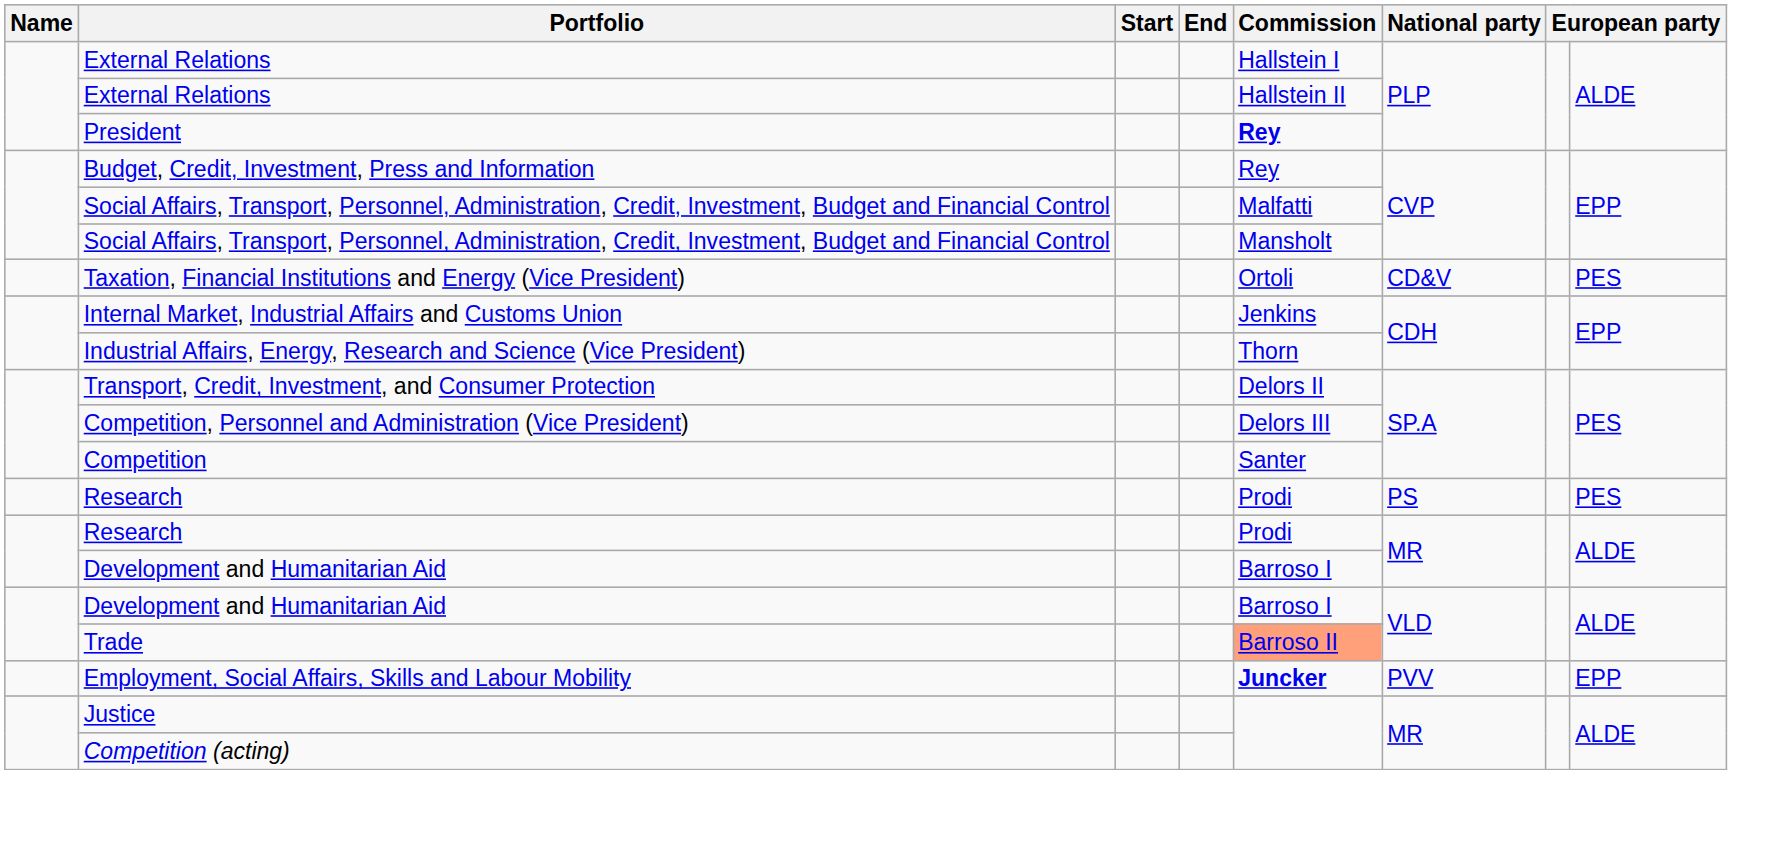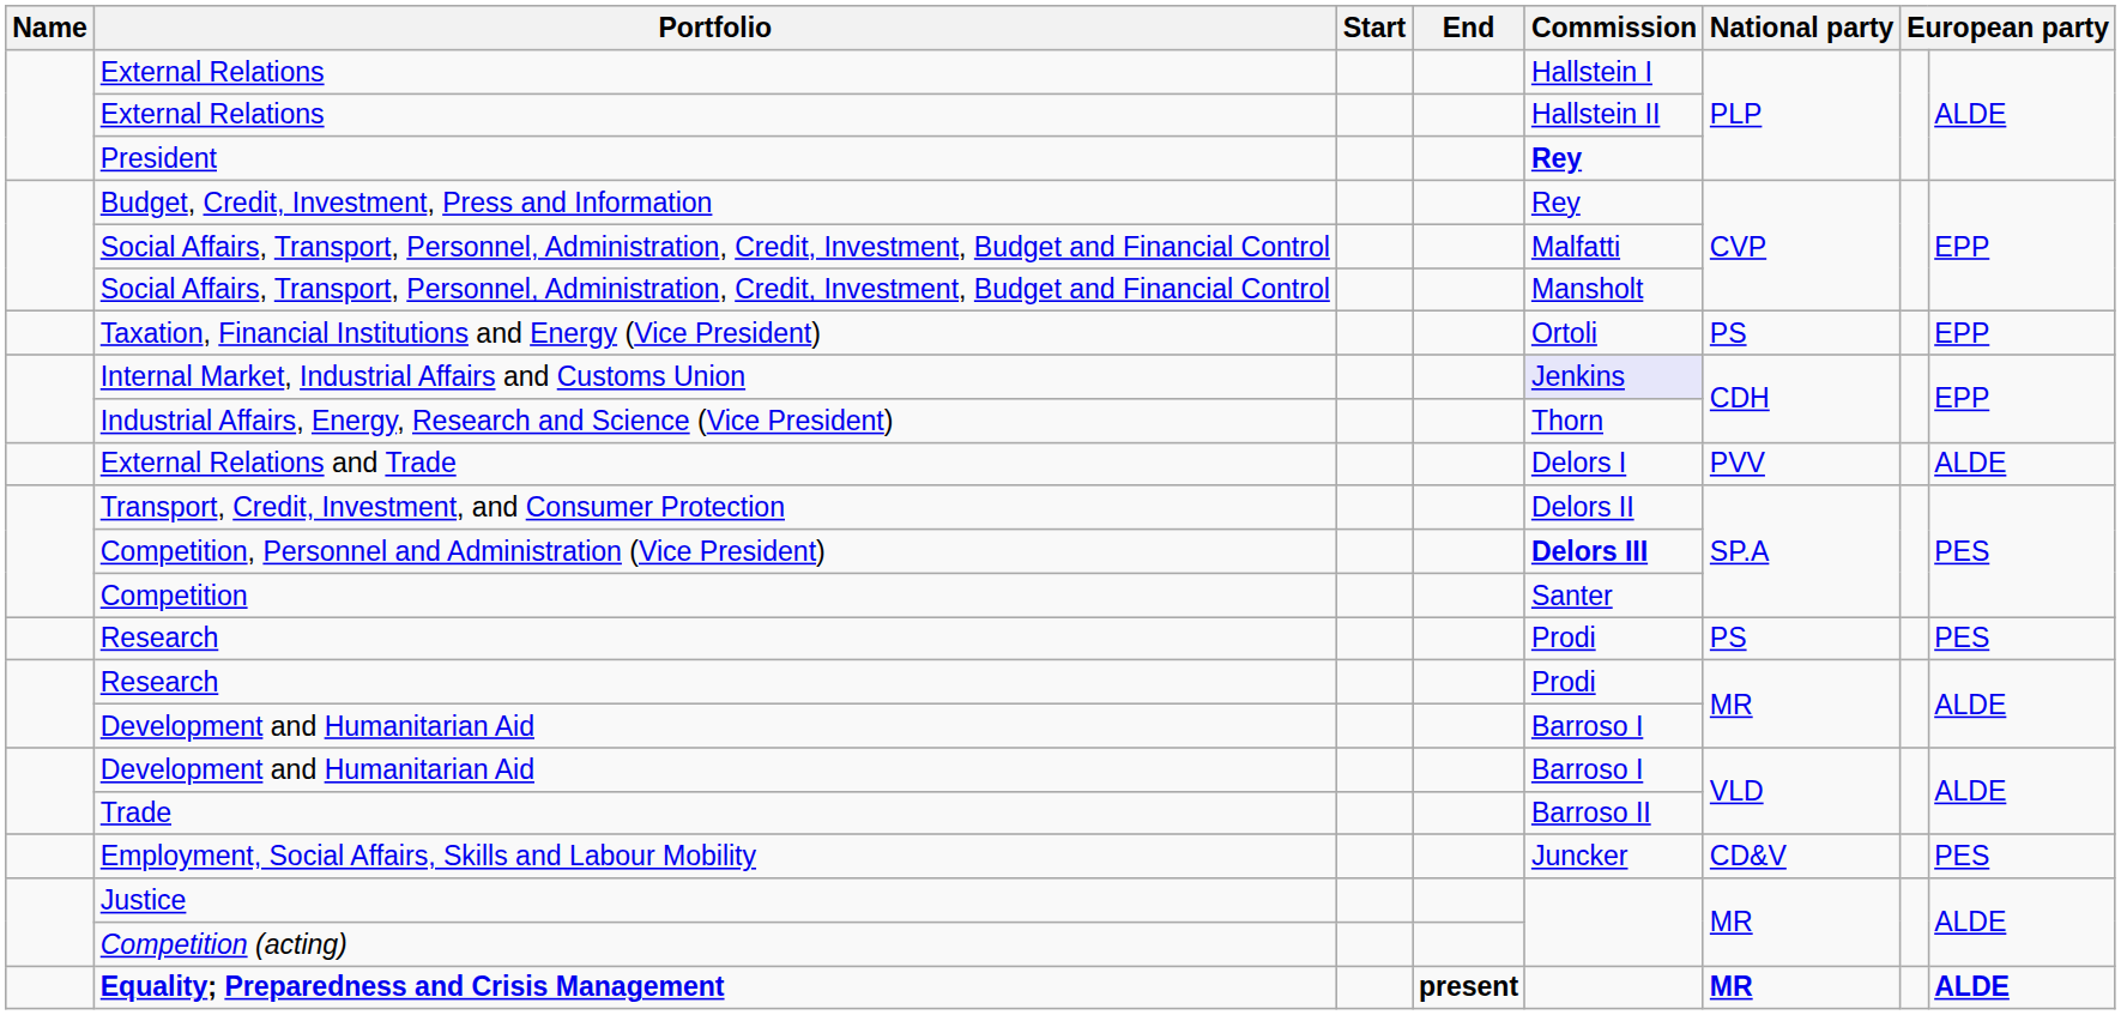 <table class="wikitable sortable" style="font-size: 90%;">
 <tr>
 <th>Name</th>
 <th>Portfolio</th>
 <th>Start</th>
 <th>End</th>
 <th>Commission</th>
 <th>National party</th>
 <th colspan=2>European party</th>
 </tr>
 <tr>
 <td rowspan=3></td>
 <td><a href='#'>External Relations</a></td>
 <td></td>
 <td></td>
 <td><a href='#'>Hallstein I</a></td>
 <td rowspan=3><a href='#'>PLP</a></td>
 <td rowspan=3 style="background:"></td>
 <td rowspan=3><a href='#'>ALDE</a></td>
 </tr>
 <tr>
 <td><a href='#'>External Relations</a></td>
 <td></td>
 <td></td>
 <td><a href='#'>Hallstein II</a></td>
 </tr>
 <tr>
 <td><a href='#'>President</a></td>
 <td></td>
 <td></td>
 <td><strong><a href='#'>Rey</a></strong></td>
 </tr>
 <tr>
 <td rowspan=3></td>
 <td><a href='#'>Budget</a>, <a href='#'>Credit, Investment</a>, <a href='#'>Press and Information</a></td>
 <td></td>
 <td></td>
 <td><a href='#'>Rey</a></td>
 <td rowspan=3><a href='#'>CVP</a></td>
 <td rowspan=3 style="background:"></td>
 <td rowspan=3><a href='#'>EPP</a></td>
 </tr>
 <tr>
 <td><a href='#'>Social Affairs</a>, <a href='#'>Transport</a>, <a href='#'>Personnel, Administration</a>, <a href='#'>Credit, Investment</a>, <a href='#'>Budget and Financial Control</a></td>
 <td></td>
 <td></td>
 <td><a href='#'>Malfatti</a></td>
 </tr>
 <tr>
 <td><a href='#'>Social Affairs</a>, <a href='#'>Transport</a>, <a href='#'>Personnel, Administration</a>, <a href='#'>Credit, Investment</a>, <a href='#'>Budget and Financial Control</a></td>
 <td></td>
 <td></td>
 <td><a href='#'>Mansholt</a></td>
 </tr>
 <tr>
 <td></td>
 <td><a href='#'>Taxation</a>, <a href='#'>Financial Institutions</a> and <a href='#'>Energy</a> (<a href='#'>Vice President</a>)</td>
 <td></td>
 <td></td>
 <td><a href='#'>Ortoli</a></td>
-<td><a href='#'>CD&V</a></td>
+<td><a href='#'>PS</a></td>
 <td style="background:"></td>
-<td><a href='#'>PES</a></td>
+<td><a href='#'>EPP</a></td>
 </tr>
 <tr>
 <td rowspan=2></td>
 <td><a href='#'>Internal Market</a>, <a href='#'>Industrial Affairs</a> and <a href='#'>Customs Union</a></td>
 <td></td>
 <td></td>
-<td><a href='#'>Jenkins</a></td>
+<td style="background: lavender;"><a href='#'>Jenkins</a></td>
 <td rowspan=2><a href='#'>CDH</a></td>
 <td rowspan=2 style="background:"></td>
 <td rowspan=2><a href='#'>EPP</a></td>
 </tr>
 <tr>
 <td><a href='#'>Industrial Affairs</a>, <a href='#'>Energy</a>, <a href='#'>Research and Science</a> (<a href='#'>Vice President</a>)</td>
 <td></td>
 <td></td>
 <td><a href='#'>Thorn</a></td>
+</tr>
+<tr>
+<td></td>
+<td><a href='#'>External Relations</a> and <a href='#'>Trade</a></td>
+<td></td>
+<td></td>
+<td><a href='#'>Delors I</a></td>
+<td><a href='#'>PVV</a></td>
+<td style="background:"></td>
+<td><a href='#'>ALDE</a></td>
 </tr>
 <tr>
 <td rowspan=3></td>
 <td><a href='#'>Transport</a>, <a href='#'>Credit, Investment</a>, and <a href='#'>Consumer Protection</a></td>
 <td></td>
 <td></td>
 <td><a href='#'>Delors II</a></td>
 <td rowspan=3><a href='#'>SP.A</a></td>
 <td rowspan=3 style="background:"></td>
 <td rowspan=3><a href='#'>PES</a></td>
 </tr>
 <tr>
 <td><a href='#'>Competition</a>, <a href='#'>Personnel and Administration</a> (<a href='#'>Vice President</a>)</td>
 <td></td>
 <td></td>
-<td><a href='#'>Delors III</a></td>
+<td><strong><a href='#'>Delors III</a></strong></td>
 </tr>
 <tr>
 <td><a href='#'>Competition</a></td>
 <td></td>
 <td></td>
 <td><a href='#'>Santer</a></td>
 </tr>
 <tr>
 <td></td>
 <td><a href='#'>Research</a></td>
 <td></td>
 <td></td>
 <td><a href='#'>Prodi</a></td>
 <td><a href='#'>PS</a></td>
 <td style="background:"></td>
 <td><a href='#'>PES</a></td>
 </tr>
 <tr>
 <td rowspan=2></td>
 <td><a href='#'>Research</a></td>
 <td></td>
 <td></td>
 <td><a href='#'>Prodi</a></td>
 <td rowspan=2><a href='#'>MR</a></td>
 <td rowspan=2 style="background:"></td>
 <td rowspan=2><a href='#'>ALDE</a></td>
 </tr>
 <tr>
 <td><a href='#'>Development</a> and <a href='#'>Humanitarian Aid</a></td>
 <td></td>
 <td></td>
 <td><a href='#'>Barroso I</a></td>
 </tr>
 <tr>
 <td rowspan=2></td>
 <td><a href='#'>Development</a> and <a href='#'>Humanitarian Aid</a></td>
 <td></td>
 <td></td>
 <td><a href='#'>Barroso I</a></td>
 <td rowspan=2><a href='#'>VLD</a></td>
 <td rowspan=2 style="background:"></td>
 <td rowspan=2><a href='#'>ALDE</a></td>
 </tr>
 <tr>
 <td><a href='#'>Trade</a></td>
 <td></td>
 <td></td>
-<td style="background: lightsalmon;"><a href='#'>Barroso II</a></td>
+<td><a href='#'>Barroso II</a></td>
 </tr>
 <tr>
 <td></td>
 <td><a href='#'>Employment, Social Affairs, Skills and Labour Mobility</a></td>
 <td></td>
 <td></td>
-<td><strong><a href='#'>Juncker</a></strong></td>
-<td><a href='#'>PVV</a></td>
+<td><a href='#'>Juncker</a></td>
+<td><a href='#'>CD&V</a></td>
 <td style="background:"></td>
-<td><a href='#'>EPP</a></td>
+<td><a href='#'>PES</a></td>
 </tr>
 <tr>
 <td rowspan=2></td>
 <td><a href='#'>Justice</a></td>
 <td></td>
 <td></td>
 <td rowspan=2></td>
 <td rowspan=2><a href='#'>MR</a></td>
 <td rowspan=2 style="background:"></td>
 <td rowspan=2><a href='#'>ALDE</a></td>
 </tr>
 <tr>
 <td><em><a href='#'>Competition</a> (acting)</em></td>
 <td><em></em></td>
 <td><em></em></td>
 </tr>
+<tr>
+<td><strong></strong></td>
+<td><strong><a href='#'>Equality</a>; <a href='#'>Preparedness and Crisis Management</a></strong></td>
+<td><strong></strong></td>
+<td><strong>present</strong></td>
+<td><strong></strong></td>
+<td><strong><a href='#'>MR</a></strong></td>
+<td style="background:"></td>
+<td><strong><a href='#'>ALDE</a></strong></td>
+</tr>
 </table>
